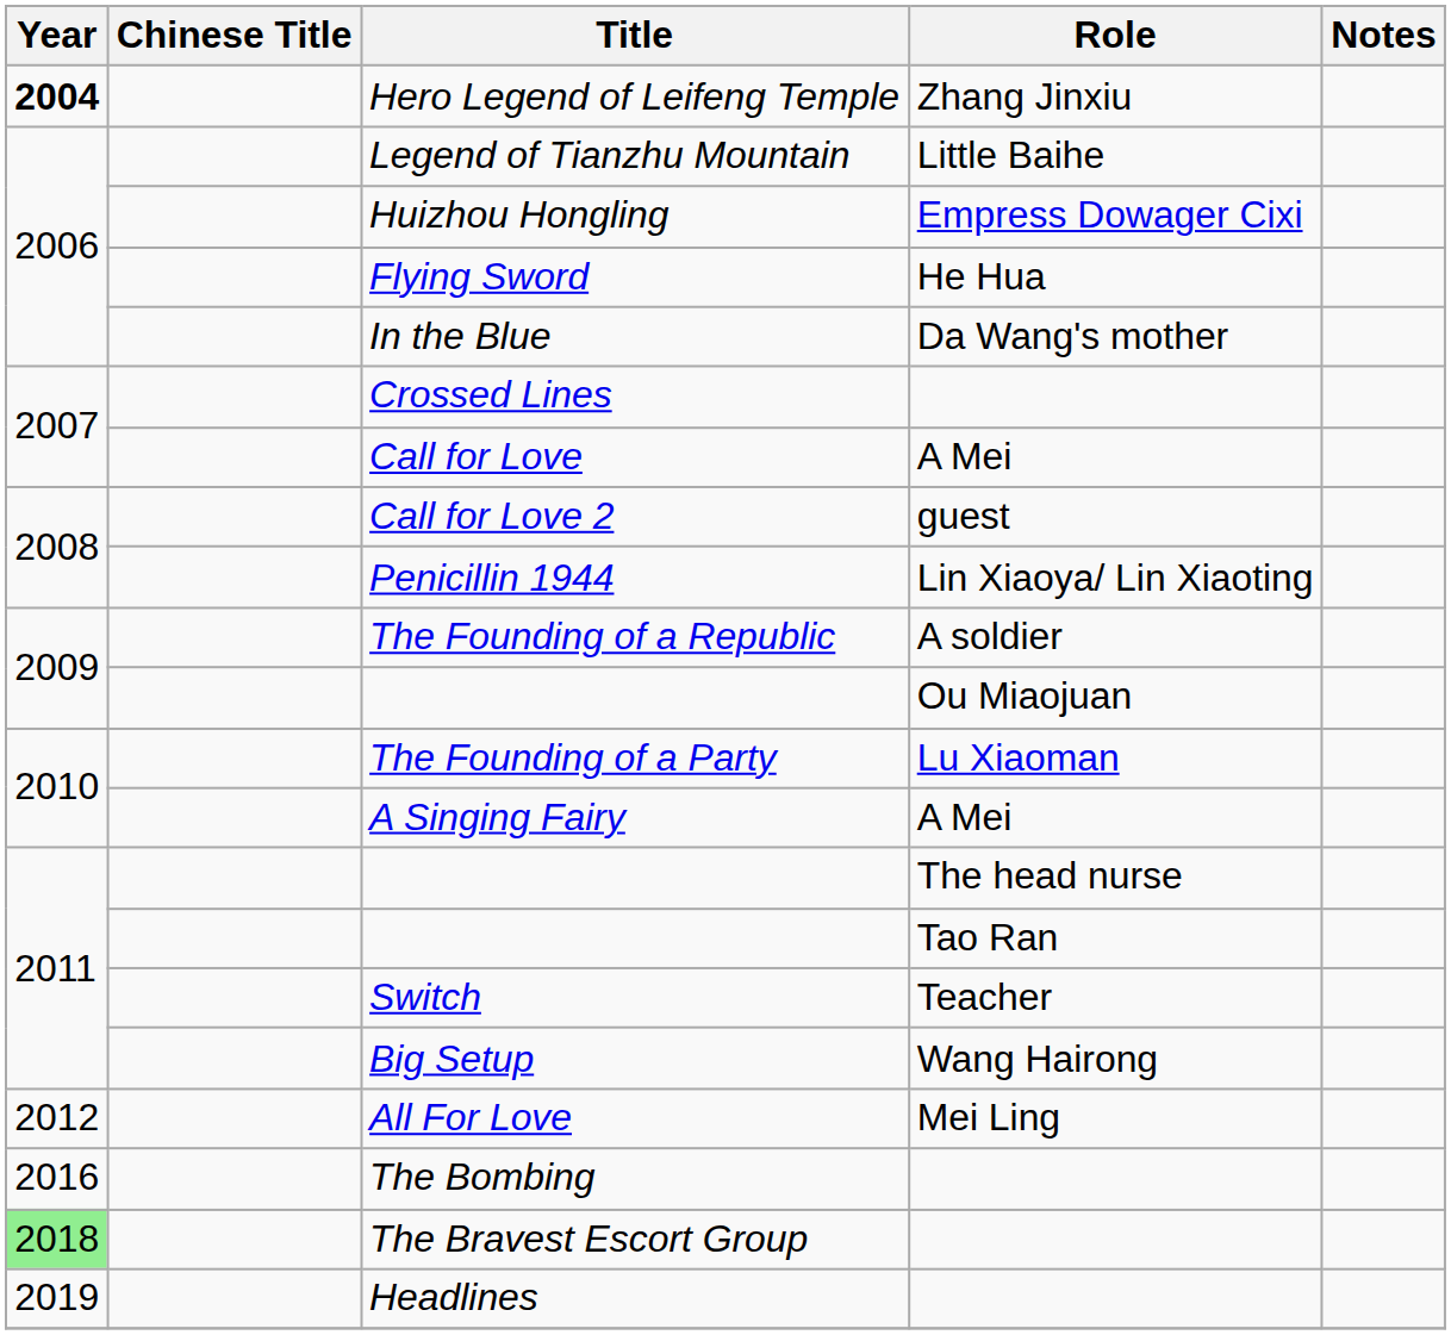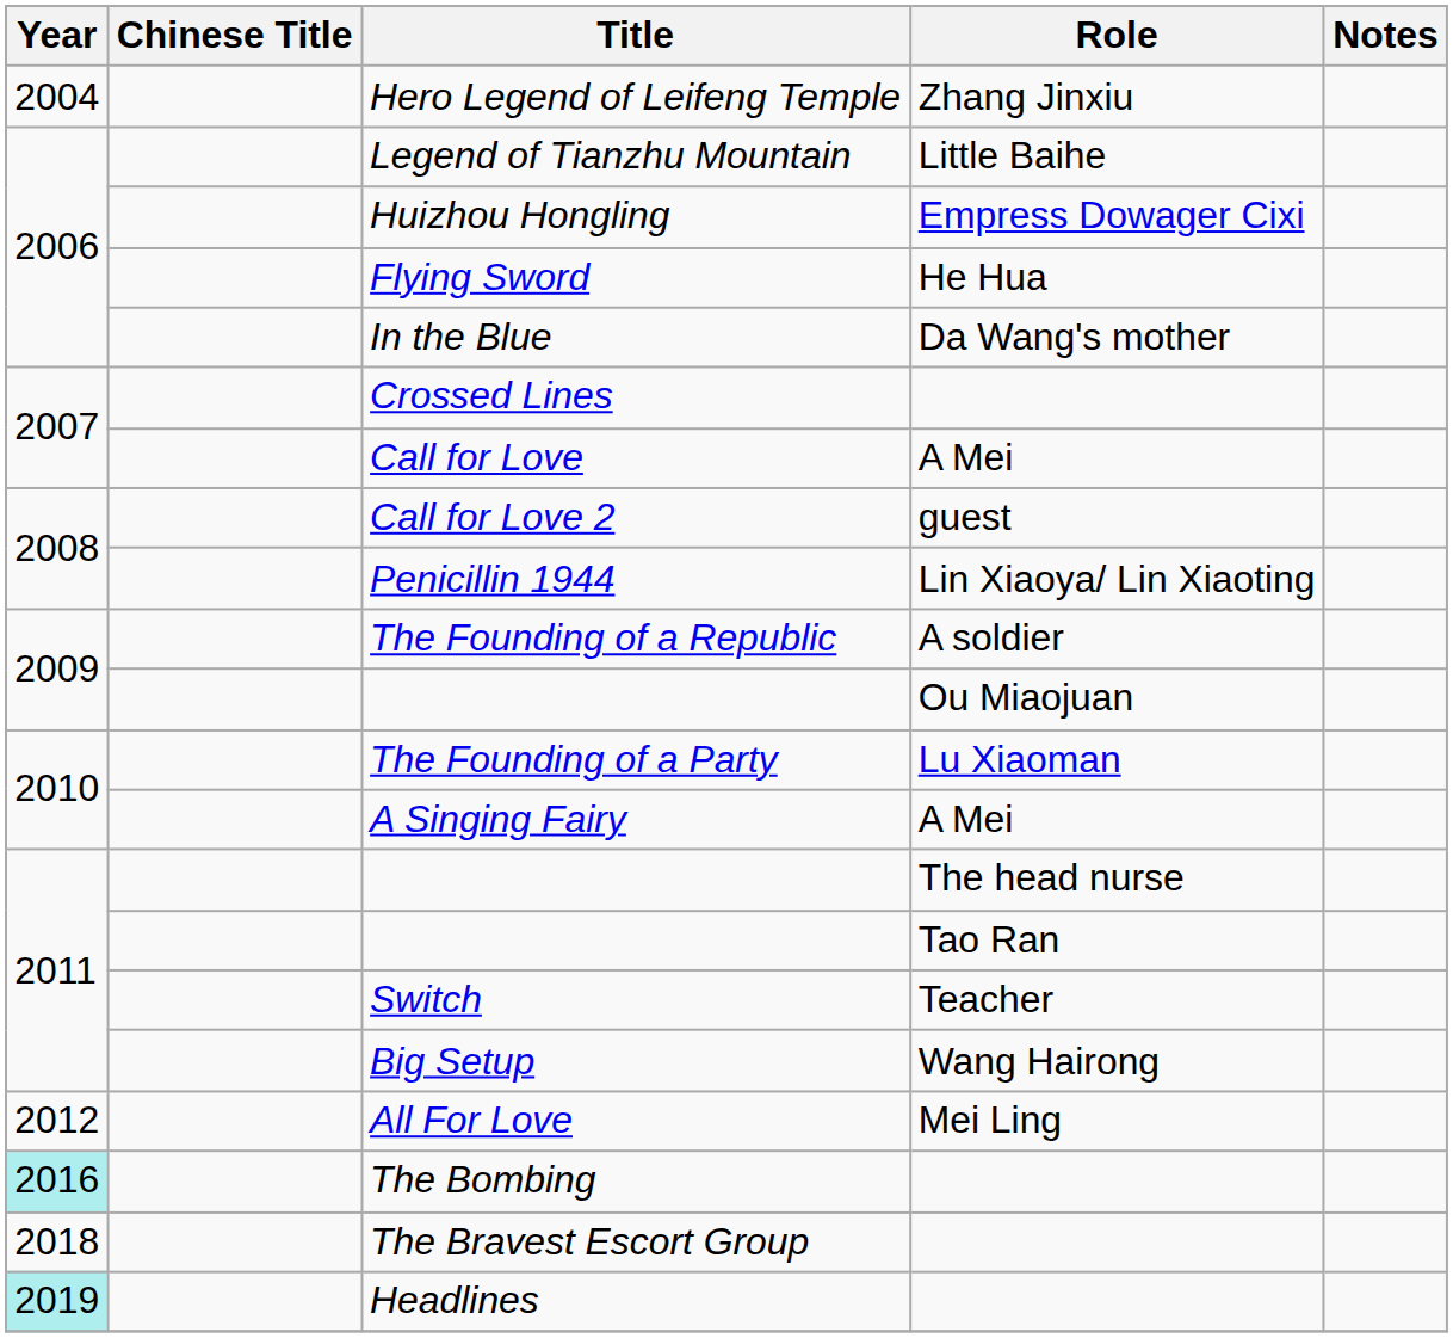 <table class="wikitable">
 <tr>
 <th>Year</th>
 <th>Chinese Title</th>
 <th>Title</th>
 <th>Role</th>
 <th>Notes</th>
 </tr>
 <tr>
-<td><strong>2004</strong></td>
+<td>2004</td>
 <td></td>
 <td><em>Hero Legend of Leifeng Temple</em></td>
 <td>Zhang Jinxiu</td>
 <td></td>
 </tr>
 <tr>
 <td rowspan="4">2006</td>
 <td></td>
 <td><em>Legend of Tianzhu Mountain</em></td>
 <td>Little Baihe</td>
 <td></td>
 </tr>
 <tr>
 <td></td>
 <td><em>Huizhou Hongling</em></td>
 <td><a href='#'>Empress Dowager Cixi</a></td>
 <td></td>
 </tr>
 <tr>
 <td></td>
 <td><em><a href='#'>Flying Sword</a></em></td>
 <td>He Hua</td>
 <td></td>
 </tr>
 <tr>
 <td></td>
 <td><em>In the Blue</em></td>
 <td>Da Wang's mother</td>
 <td></td>
 </tr>
 <tr>
 <td rowspan="2">2007</td>
 <td></td>
 <td><em><a href='#'>Crossed Lines</a></em></td>
 <td></td>
 </tr>
 <tr>
 <td></td>
 <td><em><a href='#'>Call for Love</a></em></td>
 <td>A Mei</td>
 <td></td>
 </tr>
 <tr>
 <td rowspan="2">2008</td>
 <td></td>
 <td><em><a href='#'>Call for Love 2</a></em></td>
 <td>guest</td>
 <td></td>
 </tr>
 <tr>
 <td></td>
 <td><em><a href='#'>Penicillin 1944</a></em></td>
 <td>Lin Xiaoya/ Lin Xiaoting</td>
 <td></td>
 </tr>
 <tr>
 <td rowspan="2">2009</td>
 <td></td>
 <td><em><a href='#'>The Founding of a Republic</a></em></td>
 <td>A soldier</td>
 <td></td>
 </tr>
 <tr>
 <td></td>
 <td></td>
 <td>Ou Miaojuan</td>
 <td></td>
 </tr>
 <tr>
 <td rowspan="2">2010</td>
 <td></td>
 <td><em><a href='#'>The Founding of a Party</a></em></td>
 <td><a href='#'>Lu Xiaoman</a></td>
 <td></td>
 </tr>
 <tr>
 <td></td>
 <td><em><a href='#'>A Singing Fairy</a></em></td>
 <td>A Mei</td>
 <td></td>
 </tr>
 <tr>
 <td rowspan="4">2011</td>
 <td></td>
 <td></td>
 <td>The head nurse</td>
 <td></td>
 </tr>
 <tr>
 <td></td>
 <td></td>
 <td>Tao Ran</td>
 <td></td>
 </tr>
 <tr>
 <td></td>
 <td><em><a href='#'>Switch</a></em></td>
 <td>Teacher</td>
 <td></td>
 </tr>
 <tr>
 <td></td>
 <td><em><a href='#'>Big Setup</a></em></td>
 <td>Wang Hairong</td>
 <td></td>
 </tr>
 <tr>
 <td rowspan="1">2012</td>
 <td></td>
 <td><em><a href='#'>All For Love</a></em></td>
 <td>Mei Ling</td>
 <td></td>
 </tr>
 <tr>
-<td rowspan="1">2016</td>
+<td rowspan="1" style="background: paleturquoise;">2016</td>
 <td></td>
 <td><em>The Bombing</em></td>
 <td></td>
 <td></td>
 </tr>
 <tr>
-<td rowspan="1" style="background: lightgreen;">2018</td>
+<td rowspan="1">2018</td>
 <td></td>
 <td><em>The Bravest Escort Group</em></td>
 <td></td>
 <td></td>
 </tr>
 <tr>
-<td rowspan="1">2019</td>
+<td rowspan="1" style="background: paleturquoise;">2019</td>
 <td></td>
 <td><em>Headlines</em></td>
 <td></td>
 <td></td>
 </tr>
 <tr>
 </tr>
 </table>
